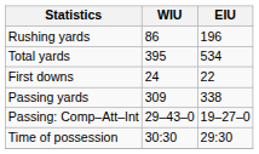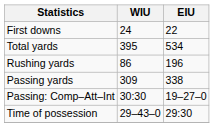 <table class="wikitable" style="float: left;">
 <tr>
 <th>Statistics</th>
 <th>WIU</th>
 <th>EIU</th>
 </tr>
 <tr>
-<td>Rushing yards</td>
-<td>86</td>
-<td>196</td>
+<td>First downs</td>
+<td>24</td>
+<td>22</td>
 </tr>
 <tr>
 <td>Total yards</td>
 <td>395</td>
 <td>534</td>
 </tr>
 <tr>
-<td>First downs</td>
-<td>24</td>
-<td>22</td>
+<td>Rushing yards</td>
+<td>86</td>
+<td>196</td>
 </tr>
 <tr>
 <td>Passing yards</td>
 <td>309</td>
 <td>338</td>
 </tr>
 <tr>
 <td>Passing: Comp–Att–Int</td>
-<td>29–43–0</td>
+<td>30:30</td>
 <td>19–27–0</td>
 </tr>
 <tr>
 <td>Time of possession</td>
-<td>30:30</td>
+<td>29–43–0</td>
 <td>29:30</td>
 </tr>
 <tr>
 </tr>
 </table>
